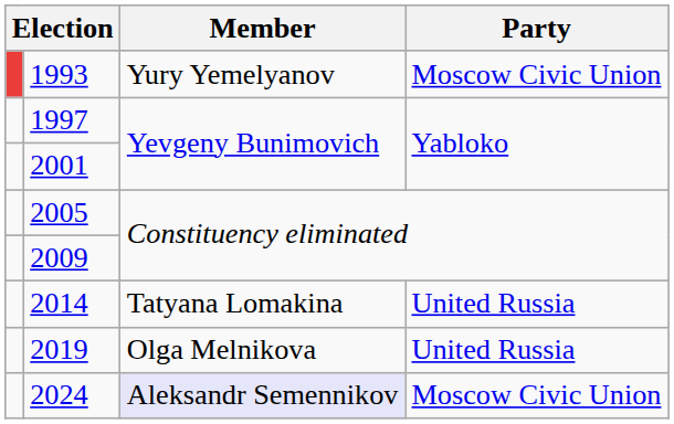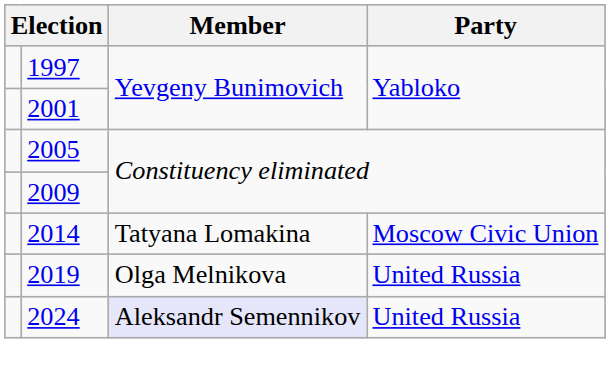 <table class="wikitable">
 <tr>
 <th colspan="2">Election</th>
 <th>Member</th>
 <th>Party</th>
-</tr>
-<tr>
-<td style="background-color:#EA3C38"></td>
-<td><a href='#'>1993</a></td>
-<td>Yury Yemelyanov</td>
-<td><a href='#'>Moscow Civic Union</a></td>
 </tr>
 <tr>
 <td style="background-color:"></td>
 <td><a href='#'>1997</a></td>
 <td rowspan=2><a href='#'>Yevgeny Bunimovich</a></td>
 <td rowspan=2><a href='#'>Yabloko</a></td>
 </tr>
 <tr>
 <td style="background-color:"></td>
 <td><a href='#'>2001</a></td>
 </tr>
 <tr>
 <td style="background-color:"></td>
 <td><a href='#'>2005</a></td>
 <td colspan=2 rowspan=2><em>Constituency eliminated</em></td>
 </tr>
 <tr>
 <td style="background-color:"></td>
 <td><a href='#'>2009</a></td>
 </tr>
 <tr>
 <td style="background-color:"></td>
 <td><a href='#'>2014</a></td>
 <td>Tatyana Lomakina</td>
-<td><a href='#'>United Russia</a></td>
+<td><a href='#'>Moscow Civic Union</a></td>
 </tr>
 <tr>
 <td style="background-color:"></td>
 <td><a href='#'>2019</a></td>
 <td>Olga Melnikova</td>
 <td><a href='#'>United Russia</a></td>
 </tr>
 <tr>
 <td style="background-color:"></td>
 <td><a href='#'>2024</a></td>
 <td style="background: lavender;">Aleksandr Semennikov</td>
-<td><a href='#'>Moscow Civic Union</a></td>
+<td><a href='#'>United Russia</a></td>
 </tr>
 </table>
